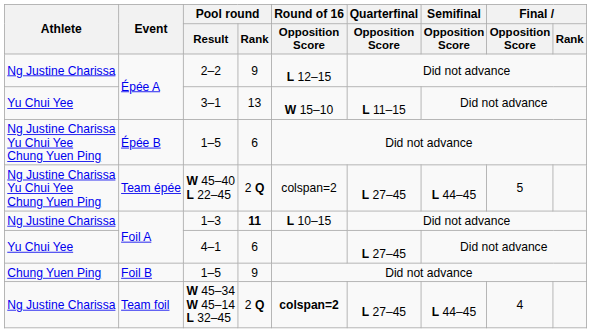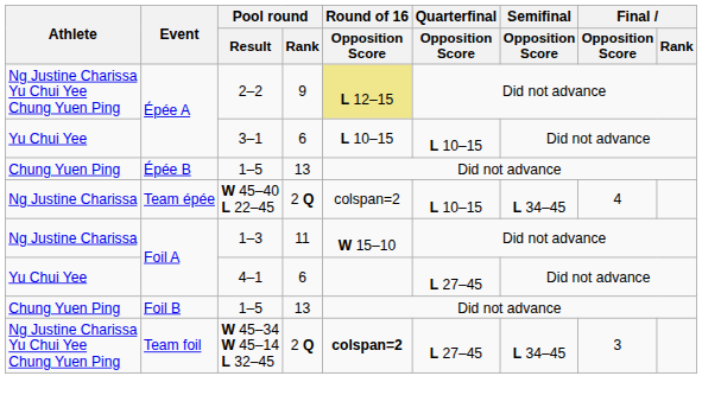 <table class="wikitable" style="text-align:center; font-size:90%">
 <tr>
 <th rowspan=2>Athlete</th>
 <th rowspan=2>Event</th>
 <th colspan=2>Pool round</th>
 <th>Round of 16</th>
 <th>Quarterfinal</th>
 <th>Semifinal</th>
 <th colspan=2>Final / </th>
 </tr>
 <tr style="font-size:95%">
 <th>Result</th>
 <th>Rank</th>
 <th>Opposition<br>Score</th>
 <th>Opposition<br>Score</th>
 <th>Opposition<br>Score</th>
 <th>Opposition<br>Score</th>
 <th>Rank</th>
 </tr>
 <tr>
-<td align=left><a href='#'>Ng Justine Charissa</a></td>
+<td align=left><a href='#'>Ng Justine Charissa</a><br><a href='#'>Yu Chui Yee</a><br><a href='#'>Chung Yuen Ping</a></td>
 <td rowspan=2 align=left><a href='#'>Épée A</a></td>
 <td>2–2</td>
 <td>9</td>
-<td><br><strong>L</strong> 12–15</td>
+<td style="background: khaki;"><br><strong>L</strong> 12–15</td>
 <td colspan=4>Did not advance</td>
 </tr>
 <tr>
 <td align=left><a href='#'>Yu Chui Yee</a></td>
 <td>3–1</td>
-<td>13</td>
-<td><br><strong>W</strong> 15–10</td>
-<td><br><strong>L</strong> 11–15</td>
+<td>6</td>
+<td> <strong>L</strong> 10–15</td>
+<td><br><strong>L</strong> 10–15</td>
 <td colspan=3>Did not advance</td>
 </tr>
 <tr>
-<td align=left><a href='#'>Ng Justine Charissa</a><br><a href='#'>Yu Chui Yee</a><br><a href='#'>Chung Yuen Ping</a></td>
+<td align=left><a href='#'>Chung Yuen Ping</a></td>
 <td align=left><a href='#'>Épée B</a></td>
 <td>1–5</td>
-<td>6</td>
+<td>13</td>
 <td colspan=5>Did not advance</td>
 </tr>
 <tr>
-<td align=left><a href='#'>Ng Justine Charissa</a><br><a href='#'>Yu Chui Yee</a><br><a href='#'>Chung Yuen Ping</a></td>
+<td align=left><a href='#'>Ng Justine Charissa</a></td>
 <td align=left><a href='#'>Team épée</a></td>
 <td align=left> <strong>W</strong> 45–40<br> <strong>L</strong> 22–45</td>
 <td>2 <strong>Q</strong></td>
 <td>colspan=2 </td>
-<td><br><strong>L</strong> 27–45</td>
-<td><br><strong>L</strong> 44–45</td>
-<td>5</td>
+<td><br><strong>L</strong> 10–15</td>
+<td><br><strong>L</strong> 34–45</td>
+<td>4</td>
 </tr>
 <tr>
 <td align=left><a href='#'>Ng Justine Charissa</a></td>
 <td rowspan=2 align=left><a href='#'>Foil A</a></td>
 <td>1–3</td>
-<td><strong>11</strong></td>
-<td> <strong>L</strong> 10–15</td>
+<td>11</td>
+<td><br><strong>W</strong> 15–10</td>
 <td colspan=4>Did not advance</td>
 </tr>
 <tr>
 <td align=left><a href='#'>Yu Chui Yee</a></td>
 <td>4–1</td>
 <td>6</td>
 <td></td>
 <td><br><strong>L</strong> 27–45</td>
 <td colspan=3>Did not advance</td>
 </tr>
 <tr>
 <td align=left><a href='#'>Chung Yuen Ping</a></td>
 <td align=left><a href='#'>Foil B</a></td>
 <td>1–5</td>
-<td>9</td>
+<td>13</td>
 <td colspan=5>Did not advance</td>
 </tr>
 <tr>
-<td align=left><a href='#'>Ng Justine Charissa</a></td>
+<td align=left><a href='#'>Ng Justine Charissa</a><br><a href='#'>Yu Chui Yee</a><br><a href='#'>Chung Yuen Ping</a></td>
 <td align=left><a href='#'>Team foil</a></td>
 <td align=left> <strong>W</strong> 45–34<br> <strong>W</strong> 45–14<br> <strong>L</strong> 32–45</td>
 <td>2 <strong>Q</strong></td>
 <td><strong>colspan=2 </strong></td>
 <td><br><strong>L</strong> 27–45</td>
-<td><br><strong>L</strong> 44–45</td>
-<td>4</td>
+<td><br><strong>L</strong> 34–45</td>
+<td>3</td>
 </tr>
 </table>
